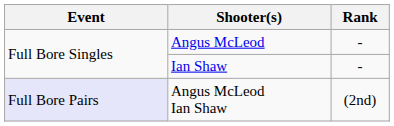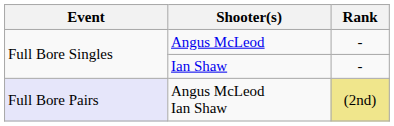 <table class=wikitable style="font-size:90%">
 <tr>
 <th width=150>Event</th>
 <th width=150>Shooter(s)</th>
 <th width=50>Rank</th>
 </tr>
 <tr>
 <td rowspan=2>Full Bore Singles</td>
 <td><a href='#'>Angus McLeod</a></td>
 <td align="center">-</td>
 </tr>
 <tr>
 <td><a href='#'>Ian Shaw</a></td>
 <td align="center">-</td>
 </tr>
 <tr>
 <td style="background: lavender;">Full Bore Pairs</td>
 <td>Angus McLeod<br>Ian Shaw</td>
-<td align="center">(2nd)</td>
+<td align="center" style="background: khaki;">(2nd)</td>
 </tr>
 </table>
